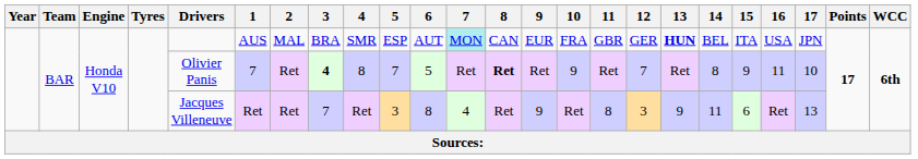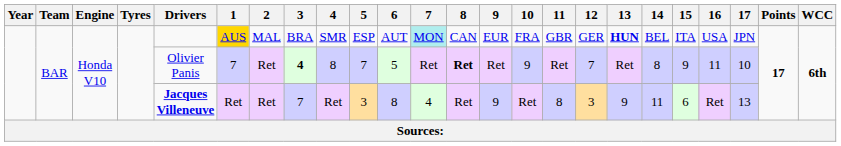 <table class="wikitable" style="text-align:center; font-size:95%">
 <tr>
 <th>Year</th>
 <th>Team</th>
 <th>Engine</th>
 <th>Tyres</th>
 <th>Drivers</th>
 <th>1</th>
 <th>2</th>
 <th>3</th>
 <th>4</th>
 <th>5</th>
 <th>6</th>
 <th>7</th>
 <th>8</th>
 <th>9</th>
 <th>10</th>
 <th>11</th>
 <th>12</th>
 <th>13</th>
 <th>14</th>
 <th>15</th>
 <th>16</th>
 <th>17</th>
 <th>Points</th>
 <th>WCC</th>
 </tr>
 <tr>
 <td rowspan="3"></td>
 <td rowspan="3"><a href='#'>BAR</a></td>
 <td rowspan="3"><a href='#'>Honda</a> <a href='#'>V10</a></td>
 <td rowspan="3"></td>
 <td></td>
-<td><a href='#'>AUS</a></td>
+<td style="background: gold;"><a href='#'>AUS</a></td>
 <td><a href='#'>MAL</a></td>
 <td><a href='#'>BRA</a></td>
 <td><a href='#'>SMR</a></td>
 <td><a href='#'>ESP</a></td>
 <td><a href='#'>AUT</a></td>
 <td style="background: paleturquoise;"><a href='#'>MON</a></td>
 <td><a href='#'>CAN</a></td>
 <td><a href='#'>EUR</a></td>
 <td><a href='#'>FRA</a></td>
 <td><a href='#'>GBR</a></td>
 <td><a href='#'>GER</a></td>
 <td><strong><a href='#'>HUN</a></strong></td>
 <td><a href='#'>BEL</a></td>
 <td><a href='#'>ITA</a></td>
 <td><a href='#'>USA</a></td>
 <td><a href='#'>JPN</a></td>
 <td rowspan="3"><strong>17</strong></td>
 <td rowspan="3"><strong>6th</strong></td>
 </tr>
 <tr>
 <td> <a href='#'>Olivier Panis</a></td>
 <td style="background:#CFCFFF;">7</td>
 <td style="background:#EFCFFF;">Ret</td>
 <td style="background:#DFFFDF;"><strong>4</strong></td>
 <td style="background:#CFCFFF;">8</td>
 <td style="background:#CFCFFF;">7</td>
 <td style="background:#DFFFDF;">5</td>
 <td style="background:#EFCFFF;">Ret</td>
 <td style="background:#EFCFFF;"><strong>Ret</strong></td>
 <td style="background:#EFCFFF;">Ret</td>
 <td style="background:#CFCFFF;">9</td>
 <td style="background:#EFCFFF;">Ret</td>
 <td style="background:#CFCFFF;">7</td>
 <td style="background:#EFCFFF;">Ret</td>
 <td style="background:#CFCFFF;">8</td>
 <td style="background:#CFCFFF;">9</td>
 <td style="background:#CFCFFF;">11</td>
 <td style="background:#CFCFFF;">10</td>
 </tr>
 <tr>
-<td> <a href='#'>Jacques Villeneuve</a></td>
+<td><strong> <a href='#'>Jacques Villeneuve</a></strong></td>
 <td style="background:#EFCFFF;">Ret</td>
 <td style="background:#EFCFFF;">Ret</td>
 <td style="background:#CFCFFF;">7</td>
 <td style="background:#EFCFFF;">Ret</td>
 <td style="background:#FFDF9F;">3</td>
 <td style="background:#CFCFFF;">8</td>
 <td style="background:#DFFFDF;">4</td>
 <td style="background:#EFCFFF;">Ret</td>
 <td style="background:#CFCFFF;">9</td>
 <td style="background:#EFCFFF;">Ret</td>
 <td style="background:#CFCFFF;">8</td>
 <td style="background:#FFDF9F;">3</td>
 <td style="background:#CFCFFF;">9</td>
 <td style="background:#CFCFFF;">11</td>
 <td style="background:#DFFFDF;">6</td>
 <td style="background:#EFCFFF;">Ret</td>
 <td style="background:#CFCFFF;">13</td>
 </tr>
 <tr>
 <th colspan="24">Sources:</th>
 </tr>
 </table>
